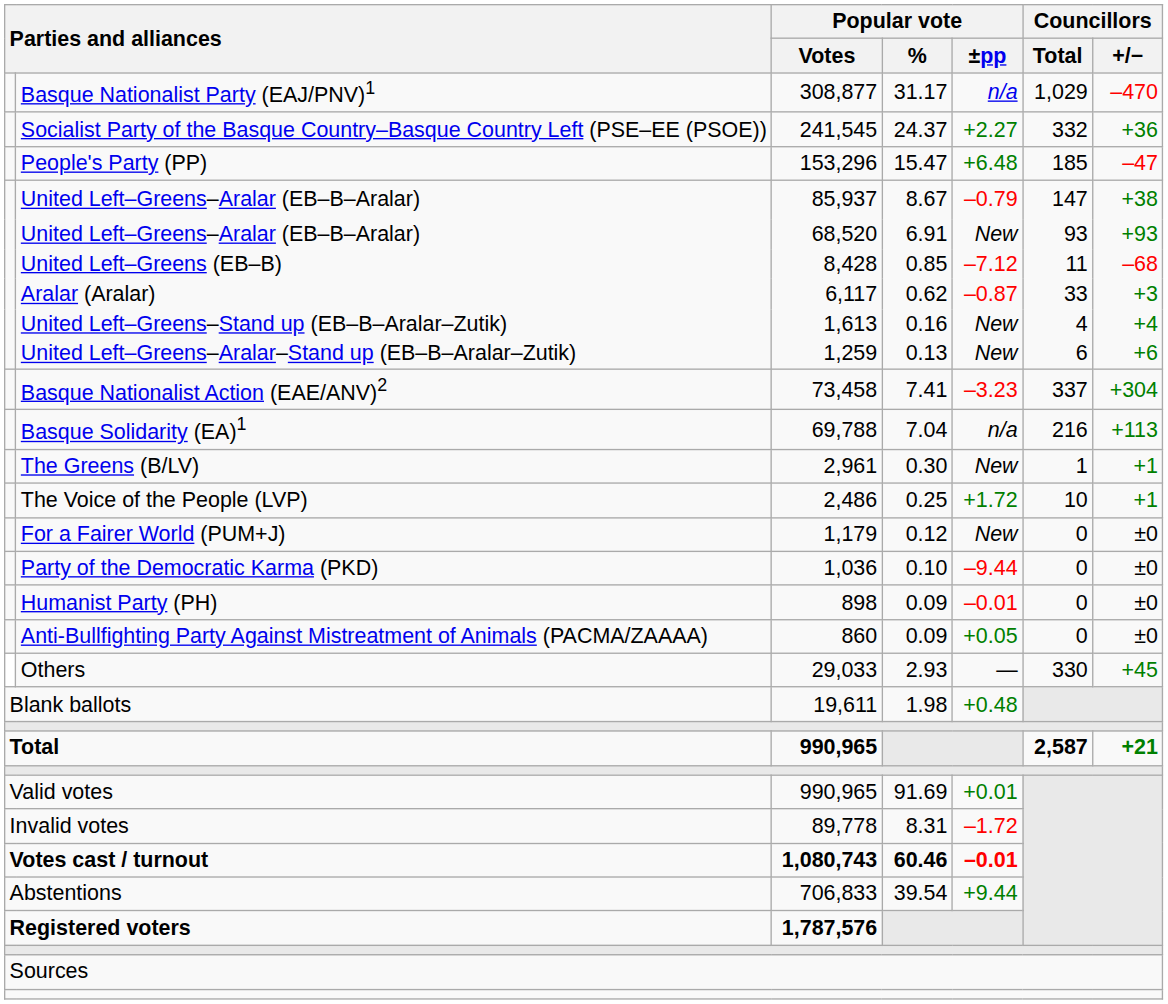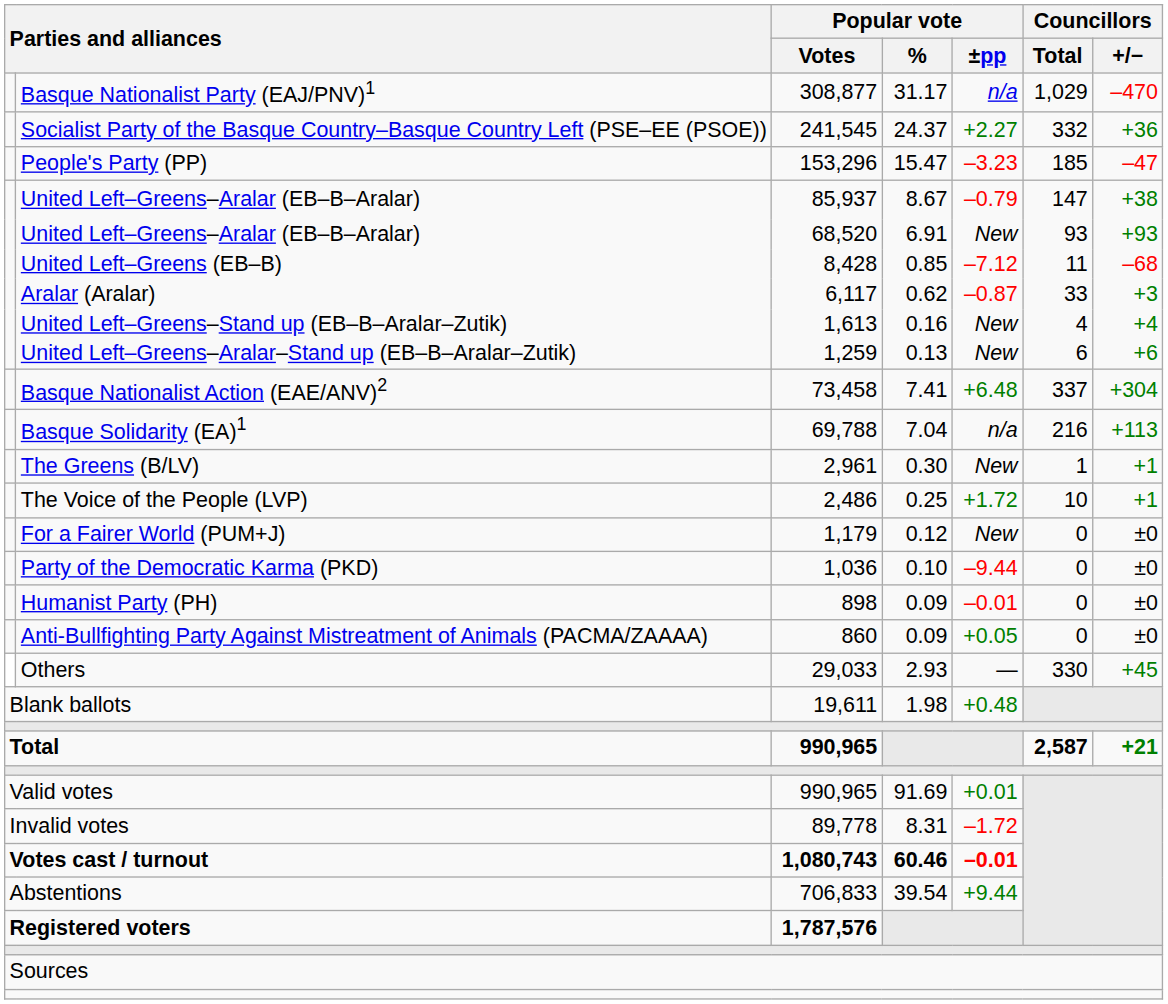 <table class="wikitable" style="text-align:right;">
 <tr>
 <th style="text-align:left;" rowspan="2" colspan="2" width="525">Parties and alliances</th>
 <th colspan="3">Popular vote</th>
 <th colspan="2">Councillors</th>
 </tr>
 <tr>
 <th width="75">Votes</th>
 <th width="45">%</th>
 <th width="45">±<a href='#'>pp</a></th>
 <th width="45">Total</th>
 <th width="45">+/−</th>
 </tr>
 <tr>
 <td width="1" style="color:inherit;background:"></td>
 <td align="left"><a href='#'>Basque Nationalist Party</a> (EAJ/PNV)<sup>1</sup></td>
 <td>308,877</td>
 <td>31.17</td>
 <td><em><a href='#'>n/a</a></em></td>
 <td>1,029</td>
 <td style="color:red;">–470</td>
 </tr>
 <tr>
 <td style="color:inherit;background:"></td>
 <td align="left"><a href='#'>Socialist Party of the Basque Country–Basque Country Left</a> (PSE–EE (PSOE))</td>
 <td>241,545</td>
 <td>24.37</td>
 <td style="color:green;">+2.27</td>
 <td>332</td>
 <td style="color:green;">+36</td>
 </tr>
 <tr>
 <td style="color:inherit;background:"></td>
 <td align="left"><a href='#'>People's Party</a> (PP)</td>
 <td>153,296</td>
 <td>15.47</td>
-<td style="color:green;">+6.48</td>
+<td style="color:red;">–3.23</td>
 <td>185</td>
 <td style="color:red;">–47</td>
 </tr>
 <tr style="line-height:22px;">
 <td rowspan="6" style="color:inherit;background:"></td>
 <td align="left"><a href='#'>United Left–Greens</a>–<a href='#'>Aralar</a> (EB–B–Aralar)</td>
 <td>85,937</td>
 <td>8.67</td>
 <td style="color:red;">–0.79</td>
 <td>147</td>
 <td style="color:green;">+38</td>
 </tr>
 <tr style="border-bottom-style:hidden; border-top-style:hidden; line-height:16px;">
 <td align="left"><span><a href='#'>United Left–Greens</a>–<a href='#'>Aralar</a> (EB–B–Aralar)</span></td>
 <td>68,520</td>
 <td>6.91</td>
 <td><em>New</em></td>
 <td>93</td>
 <td style="color:green;">+93</td>
 </tr>
 <tr style="border-bottom-style:hidden; line-height:16px;">
 <td align="left"><span><a href='#'>United Left–Greens</a> (EB–B)</span></td>
 <td>8,428</td>
 <td>0.85</td>
 <td style="color:red;">–7.12</td>
 <td>11</td>
 <td style="color:red;">–68</td>
 </tr>
 <tr style="border-bottom-style:hidden; line-height:16px;">
 <td align="left"><span><a href='#'>Aralar</a> (Aralar)</span></td>
 <td>6,117</td>
 <td>0.62</td>
 <td style="color:red;">–0.87</td>
 <td>33</td>
 <td style="color:green;">+3</td>
 </tr>
 <tr style="border-bottom-style:hidden; line-height:16px;">
 <td align="left"><span><a href='#'>United Left–Greens</a>–<a href='#'>Stand up</a> (EB–B–Aralar–Zutik)</span></td>
 <td>1,613</td>
 <td>0.16</td>
 <td><em>New</em></td>
 <td>4</td>
 <td style="color:green;">+4</td>
 </tr>
 <tr style="line-height:16px;">
 <td align="left"><span><a href='#'>United Left–Greens</a>–<a href='#'>Aralar</a>–<a href='#'>Stand up</a> (EB–B–Aralar–Zutik)</span></td>
 <td>1,259</td>
 <td>0.13</td>
 <td><em>New</em></td>
 <td>6</td>
 <td style="color:green;">+6</td>
 </tr>
 <tr>
 <td style="color:inherit;background:"></td>
 <td align="left"><a href='#'>Basque Nationalist Action</a> (EAE/ANV)<sup>2</sup></td>
 <td>73,458</td>
 <td>7.41</td>
-<td style="color:red;">–3.23</td>
+<td style="color:green;">+6.48</td>
 <td>337</td>
 <td style="color:green;">+304</td>
 </tr>
 <tr>
 <td style="color:inherit;background:"></td>
 <td align="left"><a href='#'>Basque Solidarity</a> (EA)<sup>1</sup></td>
 <td>69,788</td>
 <td>7.04</td>
 <td><em>n/a</em></td>
 <td>216</td>
 <td style="color:green;">+113</td>
 </tr>
 <tr>
 <td style="color:inherit;background:"></td>
 <td align="left"><a href='#'>The Greens</a> (B/LV)</td>
 <td>2,961</td>
 <td>0.30</td>
 <td><em>New</em></td>
 <td>1</td>
 <td style="color:green;">+1</td>
 </tr>
 <tr>
 <td style="color:inherit;background:"></td>
 <td align="left">The Voice of the People (LVP)</td>
 <td>2,486</td>
 <td>0.25</td>
 <td style="color:green;">+1.72</td>
 <td>10</td>
 <td style="color:green;">+1</td>
 </tr>
 <tr>
 <td style="color:inherit;background:"></td>
 <td align="left"><a href='#'>For a Fairer World</a> (PUM+J)</td>
 <td>1,179</td>
 <td>0.12</td>
 <td><em>New</em></td>
 <td>0</td>
 <td>±0</td>
 </tr>
 <tr>
 <td style="color:inherit;background:"></td>
 <td align="left"><a href='#'>Party of the Democratic Karma</a> (PKD)</td>
 <td>1,036</td>
 <td>0.10</td>
 <td style="color:red;">–9.44</td>
 <td>0</td>
 <td>±0</td>
 </tr>
 <tr>
 <td style="color:inherit;background:"></td>
 <td align="left"><a href='#'>Humanist Party</a> (PH)</td>
 <td>898</td>
 <td>0.09</td>
 <td style="color:red;">–0.01</td>
 <td>0</td>
 <td>±0</td>
 </tr>
 <tr>
 <td style="color:inherit;background:"></td>
 <td align="left"><a href='#'>Anti-Bullfighting Party Against Mistreatment of Animals</a> (PACMA/ZAAAA)</td>
 <td>860</td>
 <td>0.09</td>
 <td style="color:green;">+0.05</td>
 <td>0</td>
 <td>±0</td>
 </tr>
 <tr>
 <td bgcolor="white"></td>
 <td align="left">Others</td>
 <td>29,033</td>
 <td>2.93</td>
 <td>—</td>
 <td>330</td>
 <td style="color:green;">+45</td>
 </tr>
 <tr>
 <td align="left" colspan="2">Blank ballots</td>
 <td>19,611</td>
 <td>1.98</td>
 <td style="color:green;">+0.48</td>
 <td bgcolor="#E9E9E9" colspan="2"></td>
 </tr>
 <tr>
 <td colspan="7" bgcolor="#E9E9E9"></td>
 </tr>
 <tr style="font-weight:bold;">
 <td align="left" colspan="2">Total</td>
 <td>990,965</td>
 <td bgcolor="#E9E9E9" colspan="2"></td>
 <td>2,587</td>
 <td style="color:green;">+21</td>
 </tr>
 <tr>
 <td colspan="7" bgcolor="#E9E9E9"></td>
 </tr>
 <tr>
 <td align="left" colspan="2">Valid votes</td>
 <td>990,965</td>
 <td>91.69</td>
 <td style="color:green;">+0.01</td>
 <td bgcolor="#E9E9E9" colspan="2" rowspan="5"></td>
 </tr>
 <tr>
 <td align="left" colspan="2">Invalid votes</td>
 <td>89,778</td>
 <td>8.31</td>
 <td style="color:red;">–1.72</td>
 </tr>
 <tr style="font-weight:bold;">
 <td align="left" colspan="2">Votes cast / turnout</td>
 <td>1,080,743</td>
 <td>60.46</td>
 <td style="color:red;">–0.01</td>
 </tr>
 <tr>
 <td align="left" colspan="2">Abstentions</td>
 <td>706,833</td>
 <td>39.54</td>
 <td style="color:green;">+9.44</td>
 </tr>
 <tr style="font-weight:bold;">
 <td align="left" colspan="2">Registered voters</td>
 <td>1,787,576</td>
 <td bgcolor="#E9E9E9" colspan="2"></td>
 </tr>
 <tr>
 <td colspan="7" bgcolor="#E9E9E9"></td>
 </tr>
 <tr>
 <td align="left" colspan="7">Sources</td>
 </tr>
 <tr>
 <td colspan="7" style="text-align:left; max-width:790px;"></td>
 </tr>
 </table>
